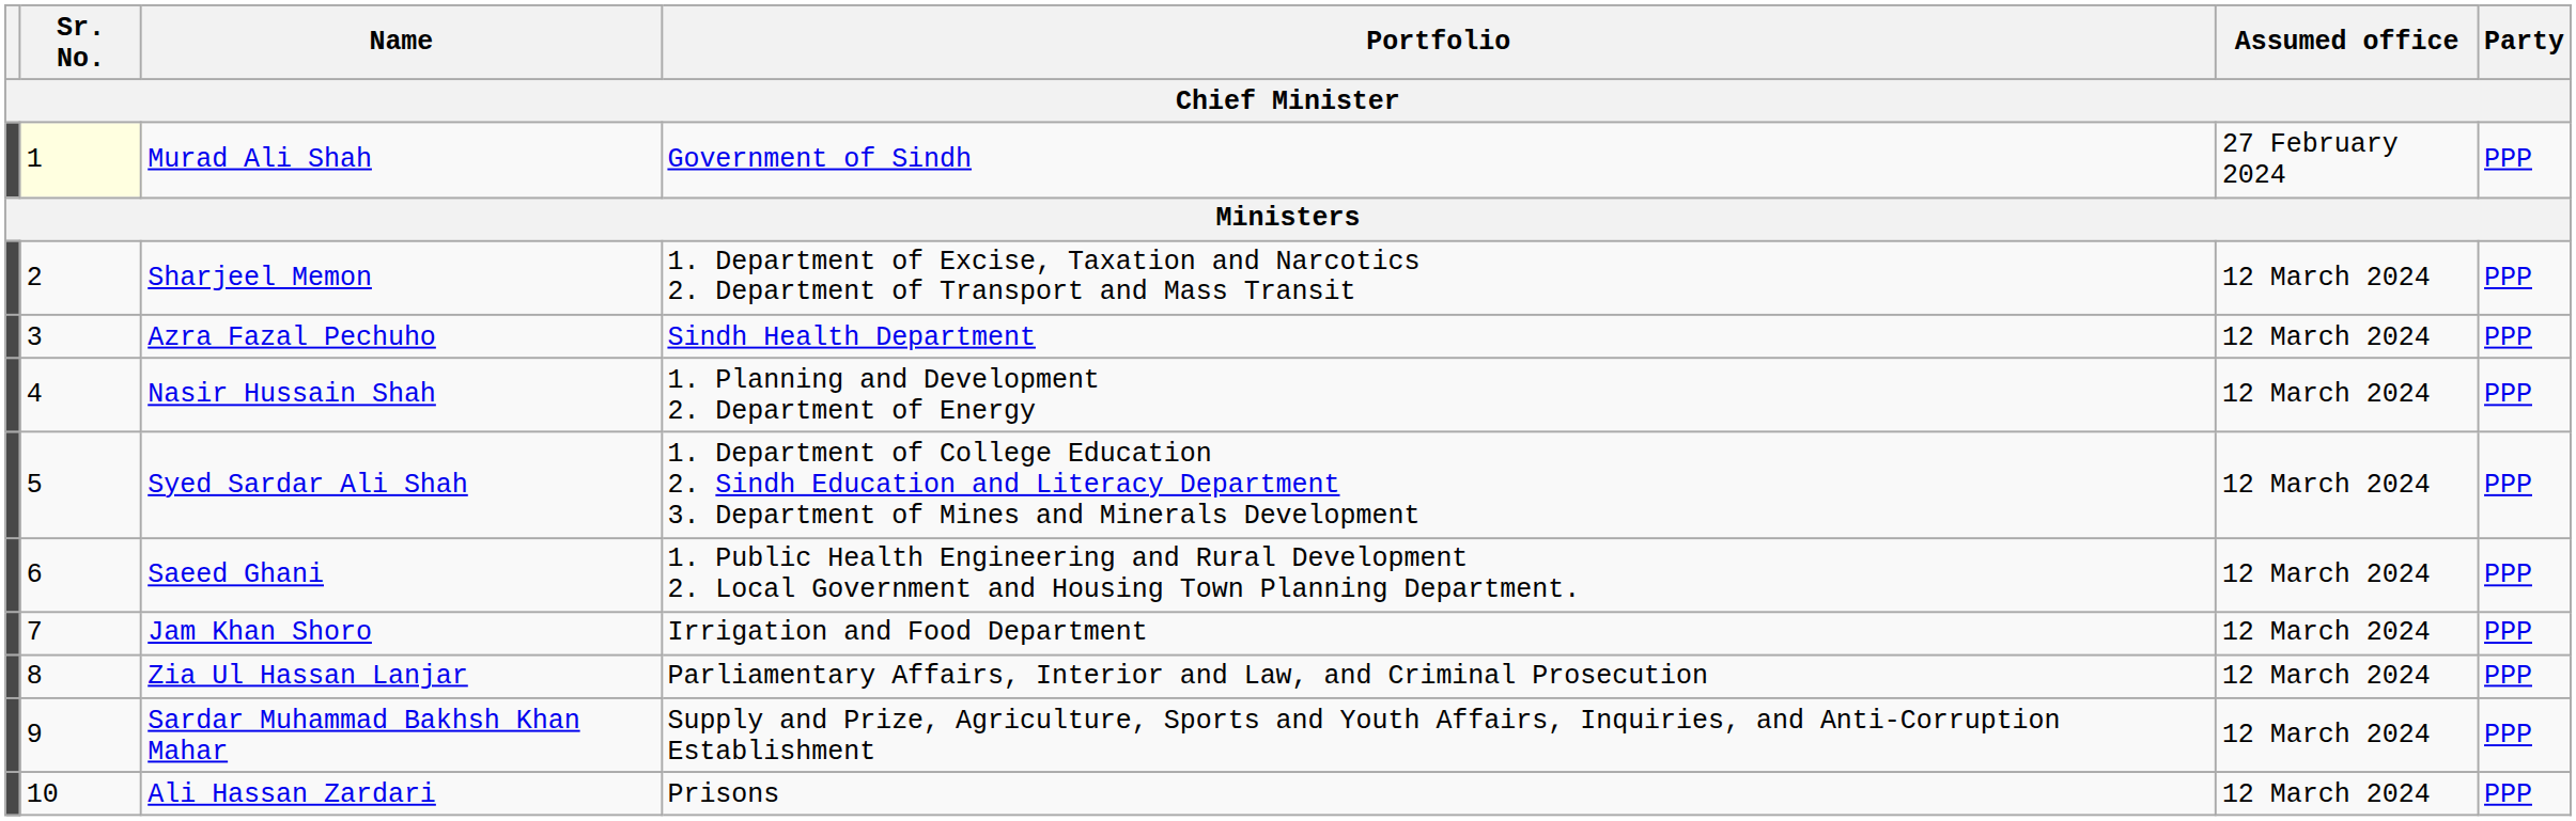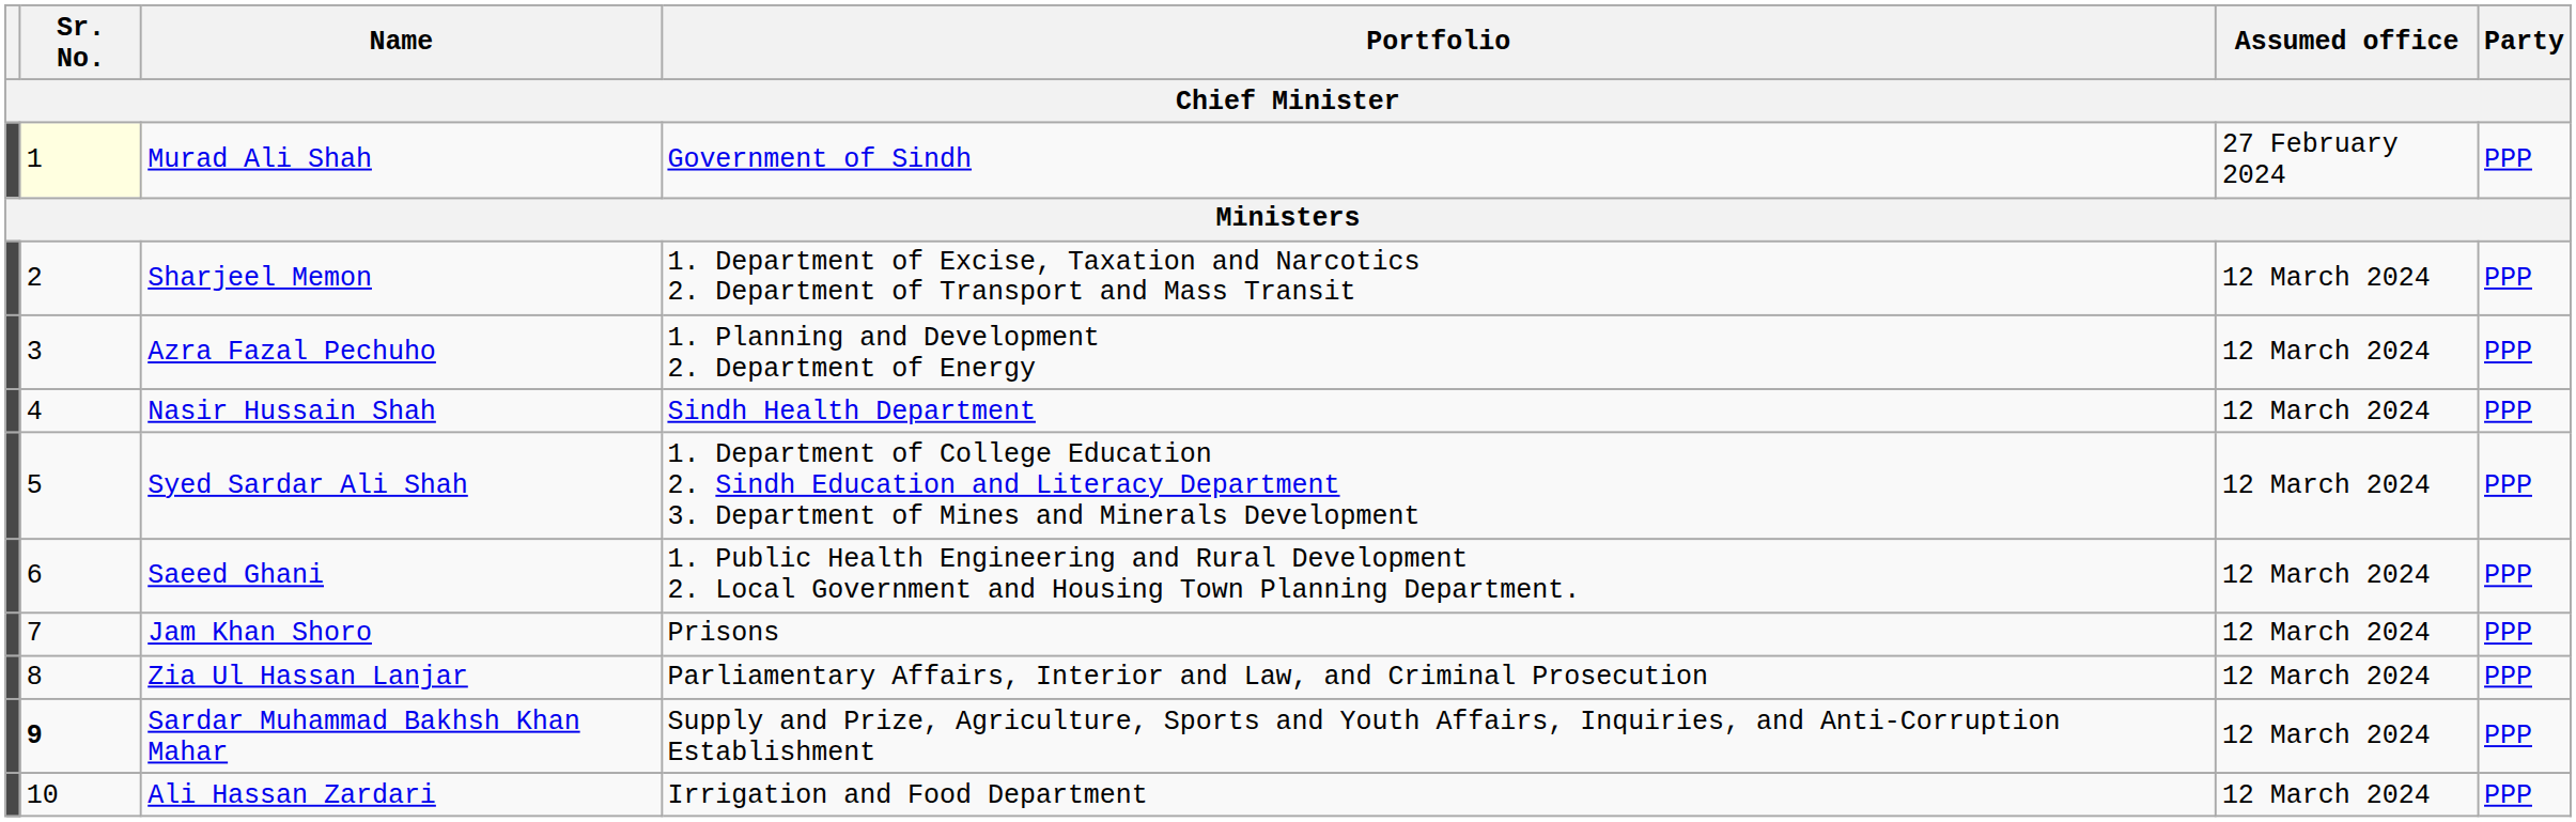 <table class="wikitable sortable">
 <tr>
 <th></th>
 <th>Sr. No.</th>
 <th>Name</th>
 <th>Portfolio</th>
 <th>Assumed office</th>
 <th>Party</th>
 </tr>
 <tr>
 <th colspan="6">Chief Minister</th>
 </tr>
 <tr>
 <td style="width:1px;; background:#484848;"></td>
 <td style="background: lightyellow;">1</td>
 <td><a href='#'>Murad Ali Shah</a></td>
 <td><a href='#'>Government of Sindh</a></td>
 <td>27 February 2024</td>
 <td><a href='#'>PPP</a></td>
 </tr>
 <tr>
 <th colspan="6">Ministers</th>
 </tr>
 <tr>
 <td style="width:1px;; background:#484848;"></td>
 <td>2</td>
 <td><a href='#'>Sharjeel Memon</a></td>
 <td>1. Department of Excise, Taxation and Narcotics<br>2. Department of Transport and Mass Transit</td>
 <td>12 March 2024</td>
 <td><a href='#'>PPP</a></td>
 </tr>
 <tr>
 <td style="width:1px;; background:#484848;"></td>
 <td>3</td>
 <td><a href='#'>Azra Fazal Pechuho</a></td>
-<td><a href='#'>Sindh Health Department</a></td>
+<td>1. Planning and Development<br>2. Department of Energy</td>
 <td>12 March 2024</td>
 <td><a href='#'>PPP</a></td>
 </tr>
 <tr>
 <td style="width:1px;; background:#484848;"></td>
 <td>4</td>
 <td><a href='#'>Nasir Hussain Shah</a></td>
-<td>1. Planning and Development<br>2. Department of Energy</td>
+<td><a href='#'>Sindh Health Department</a></td>
 <td>12 March 2024</td>
 <td><a href='#'>PPP</a></td>
 </tr>
 <tr>
 <td style="width:1px;; background:#484848;"></td>
 <td>5</td>
 <td><a href='#'>Syed Sardar Ali Shah</a></td>
 <td>1. Department of College Education<br>2. <a href='#'>Sindh Education and Literacy Department</a> <br> 3. Department of Mines and Minerals Development</td>
 <td>12 March 2024</td>
 <td><a href='#'>PPP</a></td>
 </tr>
 <tr>
 <td style="width:1px;; background:#484848;"></td>
 <td>6</td>
 <td><a href='#'>Saeed Ghani</a></td>
 <td>1. Public Health Engineering and Rural Development<br>2. Local Government and Housing Town Planning Department.</td>
 <td>12 March 2024</td>
 <td><a href='#'>PPP</a></td>
 </tr>
 <tr>
 <td style="width:1px;; background:#484848;"></td>
 <td>7</td>
 <td><a href='#'>Jam Khan Shoro</a></td>
-<td>Irrigation and Food Department</td>
+<td>Prisons</td>
 <td>12 March 2024</td>
 <td><a href='#'>PPP</a></td>
 </tr>
 <tr>
 <td style="width:1px;; background:#484848;"></td>
 <td>8</td>
 <td><a href='#'>Zia Ul Hassan Lanjar</a></td>
 <td>Parliamentary Affairs, Interior and Law, and Criminal Prosecution</td>
 <td>12 March 2024</td>
 <td><a href='#'>PPP</a></td>
 </tr>
 <tr>
 <td style="width:1px;; background:#484848;"></td>
-<td>9</td>
+<td><strong>9</strong></td>
 <td><a href='#'>Sardar Muhammad Bakhsh Khan Mahar</a></td>
 <td>Supply and Prize, Agriculture, Sports and Youth Affairs, Inquiries, and Anti-Corruption Establishment</td>
 <td>12 March 2024</td>
 <td><a href='#'>PPP</a></td>
 </tr>
 <tr>
 <td style="width:1px;; background:#484848;"></td>
 <td>10</td>
 <td><a href='#'>Ali Hassan Zardari</a></td>
-<td>Prisons</td>
+<td>Irrigation and Food Department</td>
 <td>12 March 2024</td>
 <td><a href='#'>PPP</a></td>
 </tr>
 </table>
